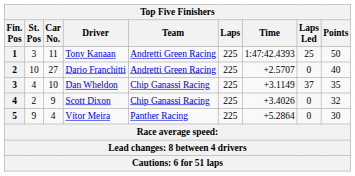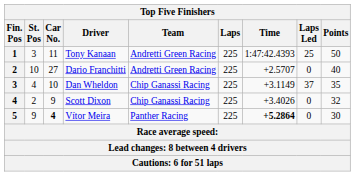 <table class="wikitable" style="font-size:95%;text-align:center">
 <tr>
 <th colspan=9>Top Five Finishers</th>
 </tr>
 <tr>
 <th>Fin.<br>Pos</th>
 <th>St.<br>Pos</th>
 <th>Car<br>No.</th>
 <th>Driver</th>
 <th>Team</th>
 <th>Laps</th>
 <th>Time</th>
 <th>Laps<br>Led</th>
 <th>Points</th>
 </tr>
 <tr>
 <th>1</th>
 <td>3</td>
 <td>11</td>
 <td style="text-align:left"> <a href='#'>Tony Kanaan</a></td>
 <td style="text-align:left"><a href='#'>Andretti Green Racing</a></td>
 <td>225</td>
 <td align=right>1:47:42.4393</td>
 <td>25</td>
 <td>50</td>
 </tr>
 <tr>
 <th>2</th>
 <td>10</td>
 <td>27</td>
 <td style="text-align:left"> <a href='#'>Dario Franchitti</a></td>
 <td style="text-align:left"><a href='#'>Andretti Green Racing</a></td>
 <td>225</td>
 <td align=right>+2.5707</td>
 <td>0</td>
 <td>40</td>
 </tr>
 <tr>
 <th>3</th>
 <td>4</td>
 <td>10</td>
 <td style="text-align:left"> <a href='#'>Dan Wheldon</a></td>
 <td style="text-align:left"><a href='#'>Chip Ganassi Racing</a></td>
 <td>225</td>
 <td align=right>+3.1149</td>
 <td>37</td>
 <td>35</td>
 </tr>
 <tr>
 <th>4</th>
 <td>2</td>
 <td>9</td>
 <td style="text-align:left"> <a href='#'>Scott Dixon</a></td>
 <td style="text-align:left"><a href='#'>Chip Ganassi Racing</a></td>
 <td>225</td>
 <td align=right>+3.4026</td>
 <td>0</td>
 <td>32</td>
 </tr>
 <tr>
 <th>5</th>
 <td>9</td>
-<td>4</td>
+<td><strong>4</strong></td>
 <td style="text-align:left"> <a href='#'>Vítor Meira</a></td>
 <td style="text-align:left"><a href='#'>Panther Racing</a></td>
 <td>225</td>
-<td align=right>+5.2864</td>
+<td align=right><strong>+5.2864</strong></td>
 <td>0</td>
 <td>30</td>
 </tr>
 <tr>
 <th colspan=9>Race average speed: </th>
 </tr>
 <tr>
 <th colspan=9>Lead changes: 8 between 4 drivers</th>
 </tr>
 <tr>
 <th colspan=9>Cautions: 6 for 51 laps</th>
 </tr>
 </table>
